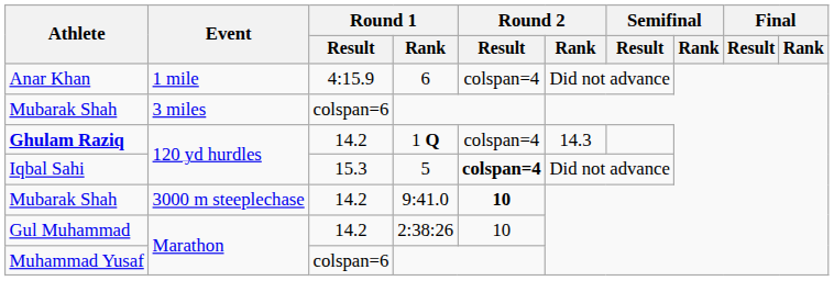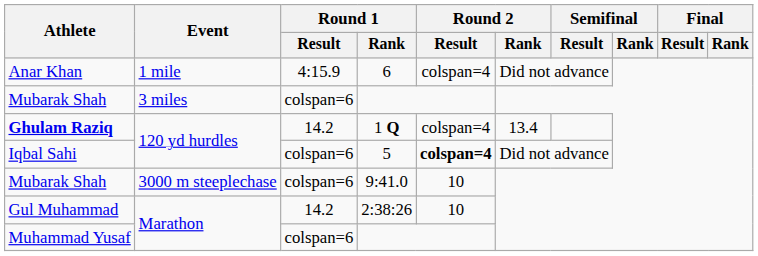 <table class=wikitable style=font-size:90%>
 <tr>
 <th rowspan=2>Athlete</th>
 <th rowspan=2>Event</th>
 <th colspan=2>Round 1</th>
 <th colspan=2>Round 2</th>
 <th colspan=2>Semifinal</th>
 <th colspan=2>Final</th>
 </tr>
 <tr style=font-size:95%>
 <th>Result</th>
 <th>Rank</th>
 <th>Result</th>
 <th>Rank</th>
 <th>Result</th>
 <th>Rank</th>
 <th>Result</th>
 <th>Rank</th>
 </tr>
 <tr align=center>
 <td align=left><a href='#'>Anar Khan</a></td>
 <td align=left><a href='#'>1 mile</a></td>
 <td>4:15.9</td>
 <td>6</td>
 <td>colspan=4 </td>
 <td colspan=2>Did not advance</td>
 </tr>
 <tr align=center>
 <td align=left><a href='#'>Mubarak Shah</a></td>
 <td align=left><a href='#'>3 miles</a></td>
 <td>colspan=6 </td>
 <td colspan=2></td>
 </tr>
 <tr align=center>
 <td align=left><strong><a href='#'>Ghulam Raziq</a></strong></td>
 <td align=left rowspan=2><a href='#'>120 yd hurdles</a></td>
 <td>14.2</td>
 <td>1 <strong>Q</strong></td>
 <td>colspan=4 </td>
-<td>14.3</td>
+<td>13.4</td>
 <td></td>
 </tr>
 <tr align=center>
 <td align=left><a href='#'>Iqbal Sahi</a></td>
-<td>15.3</td>
+<td>colspan=6 </td>
 <td>5</td>
 <td><strong>colspan=4 </strong></td>
 <td colspan=2>Did not advance</td>
 </tr>
 <tr align=center>
 <td align=left><a href='#'>Mubarak Shah</a></td>
 <td align=left><a href='#'>3000 m steeplechase</a></td>
-<td>14.2</td>
+<td>colspan=6 </td>
 <td>9:41.0</td>
-<td><strong>10</strong></td>
+<td>10</td>
 </tr>
 <tr align=center>
 <td align=left><a href='#'>Gul Muhammad</a></td>
 <td align=left rowspan=2><a href='#'>Marathon</a></td>
 <td>14.2</td>
 <td>2:38:26</td>
 <td>10</td>
 </tr>
 <tr align=center>
 <td align=left><a href='#'>Muhammad Yusaf</a></td>
 <td>colspan=6 </td>
 <td colspan=2></td>
 </tr>
 </table>
